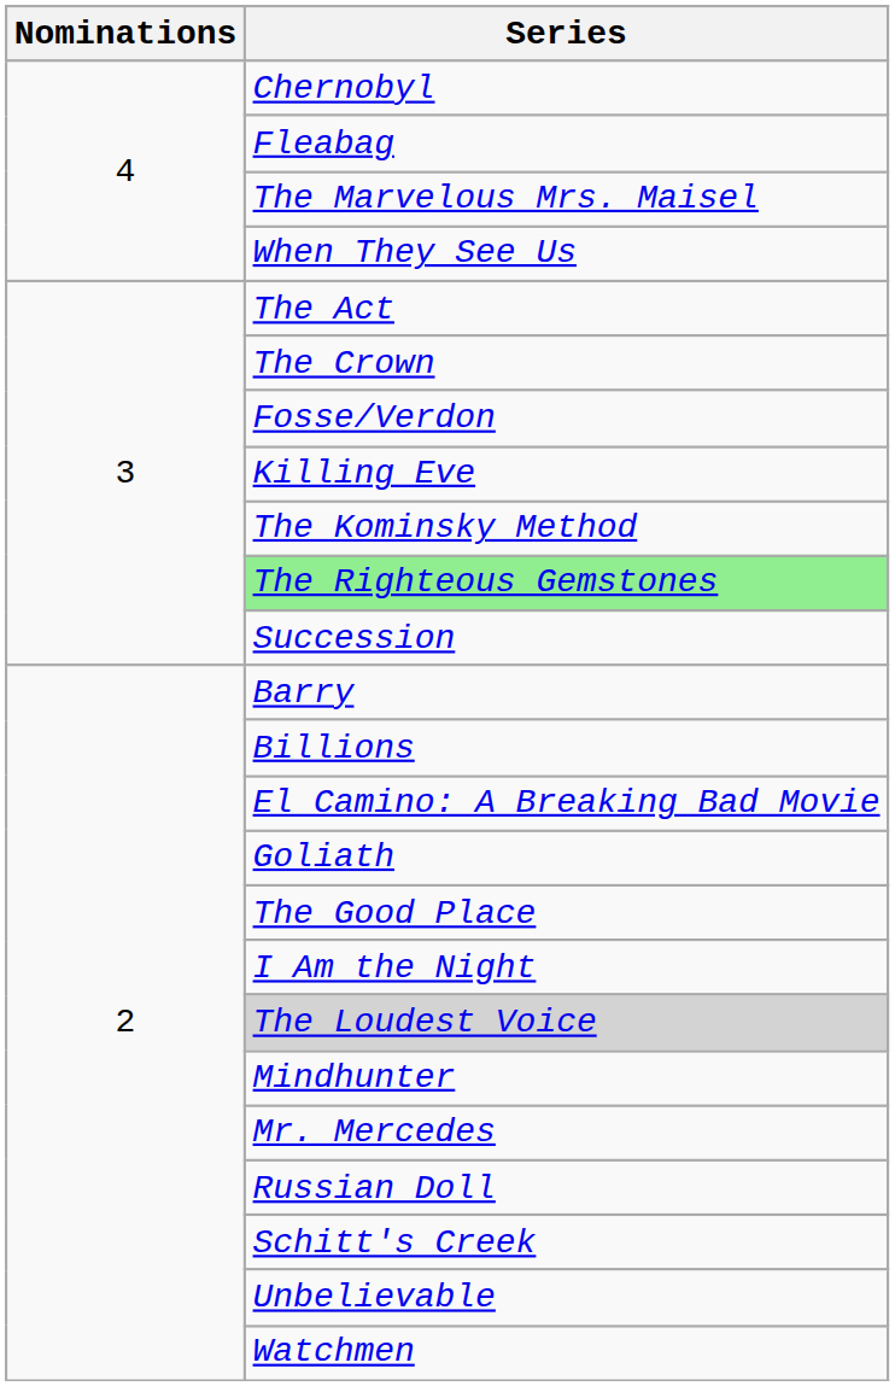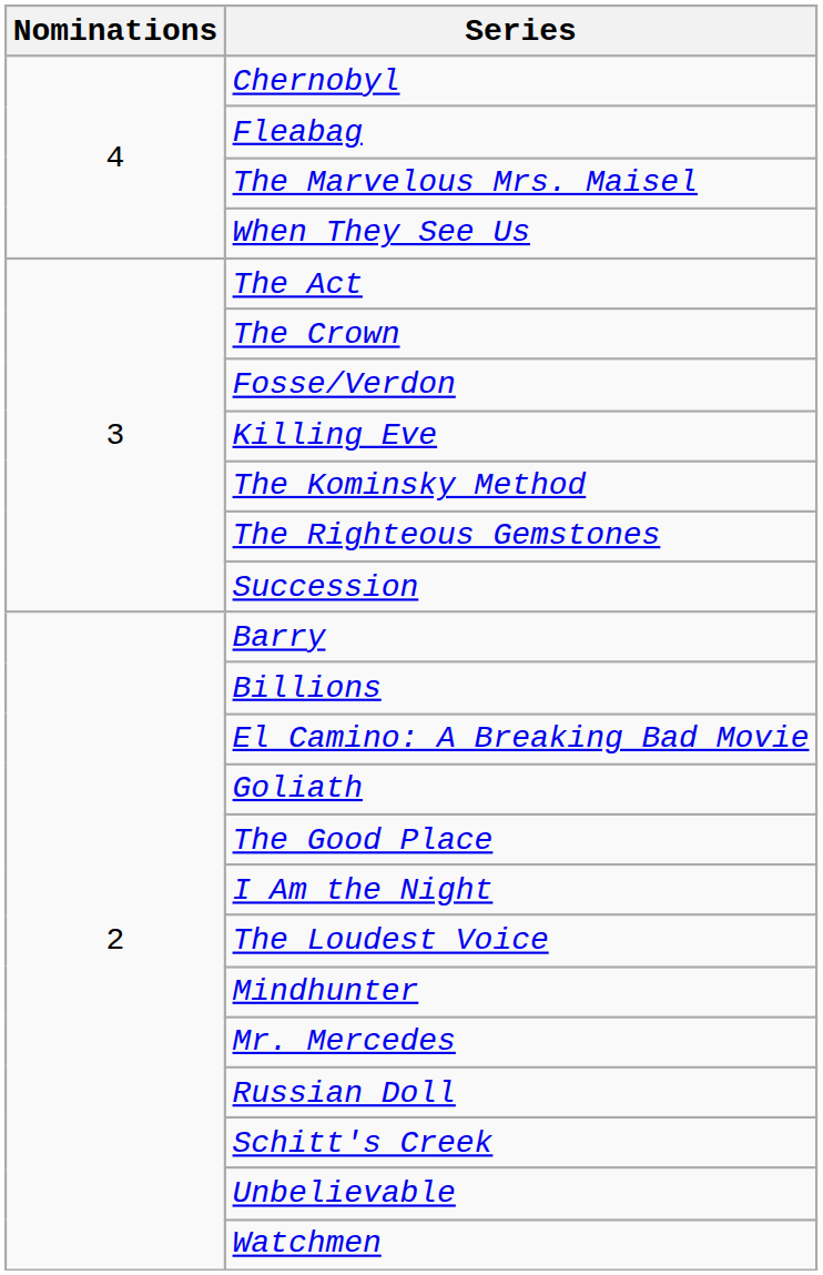 <table class="wikitable">
 <tr>
 <th>Nominations</th>
 <th>Series</th>
 </tr>
 <tr>
 <td rowspan="4" style="text-align:center">4</td>
 <td><em><a href='#'>Chernobyl</a></em></td>
 </tr>
 <tr>
 <td><em><a href='#'>Fleabag</a></em></td>
 </tr>
 <tr>
 <td><em><a href='#'>The Marvelous Mrs. Maisel</a></em></td>
 </tr>
 <tr>
 <td><em><a href='#'>When They See Us</a></em></td>
 </tr>
 <tr>
 <td rowspan="7" style="text-align:center">3</td>
 <td><em><a href='#'>The Act</a></em></td>
 </tr>
 <tr>
 <td><em><a href='#'>The Crown</a></em></td>
 </tr>
 <tr>
 <td><em><a href='#'>Fosse/Verdon</a></em></td>
 </tr>
 <tr>
 <td><em><a href='#'>Killing Eve</a></em></td>
 </tr>
 <tr>
 <td><em><a href='#'>The Kominsky Method</a></em></td>
 </tr>
 <tr>
-<td style="background: lightgreen;"><em><a href='#'>The Righteous Gemstones</a></em></td>
+<td><em><a href='#'>The Righteous Gemstones</a></em></td>
 </tr>
 <tr>
 <td><em><a href='#'>Succession</a></em></td>
 </tr>
 <tr>
 <td rowspan="13" style="text-align:center">2</td>
 <td><em><a href='#'>Barry</a></em></td>
 </tr>
 <tr>
 <td><em><a href='#'>Billions</a></em></td>
 </tr>
 <tr>
 <td><em><a href='#'>El Camino: A Breaking Bad Movie</a></em></td>
 </tr>
 <tr>
 <td><em><a href='#'>Goliath</a></em></td>
 </tr>
 <tr>
 <td><em><a href='#'>The Good Place</a></em></td>
 </tr>
 <tr>
 <td><em><a href='#'>I Am the Night</a></em></td>
 </tr>
 <tr>
-<td style="background: lightgrey;"><em><a href='#'>The Loudest Voice</a></em></td>
+<td><em><a href='#'>The Loudest Voice</a></em></td>
 </tr>
 <tr>
 <td><em><a href='#'>Mindhunter</a></em></td>
 </tr>
 <tr>
 <td><em><a href='#'>Mr. Mercedes</a></em></td>
 </tr>
 <tr>
 <td><em><a href='#'>Russian Doll</a></em></td>
 </tr>
 <tr>
 <td><em><a href='#'>Schitt's Creek</a></em></td>
 </tr>
 <tr>
 <td><em><a href='#'>Unbelievable</a></em></td>
 </tr>
 <tr>
 <td><em><a href='#'>Watchmen</a></em></td>
 </tr>
 </table>
